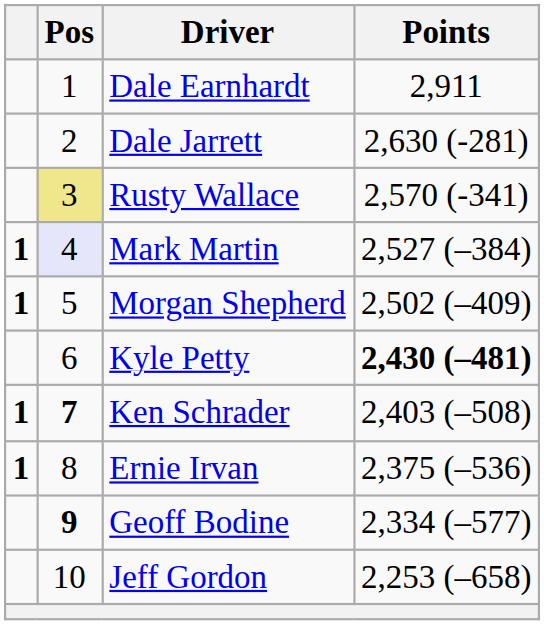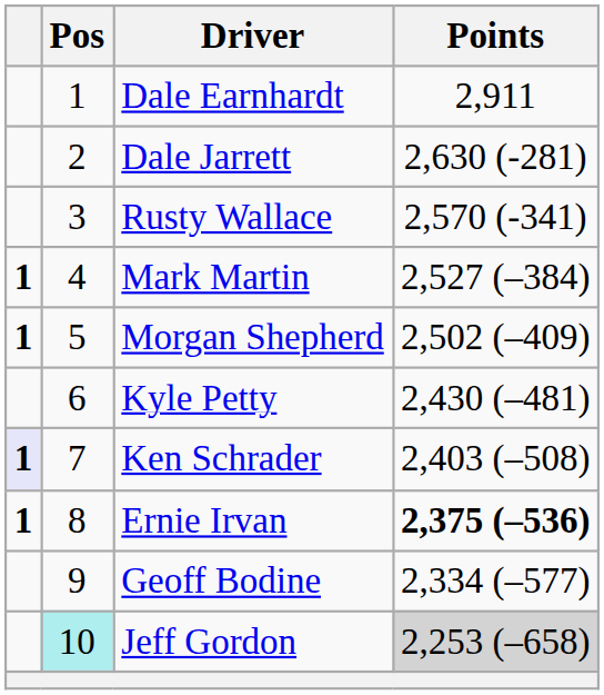 <table class="wikitable" style="font-size: 95%;">
 <tr>
 <th></th>
 <th>Pos</th>
 <th>Driver</th>
 <th>Points</th>
 </tr>
 <tr>
 <td align="left"></td>
 <td style="text-align:center;">1</td>
 <td><a href='#'>Dale Earnhardt</a></td>
 <td style="text-align:center;">2,911</td>
 </tr>
 <tr>
 <td align="left"></td>
 <td style="text-align:center;">2</td>
 <td><a href='#'>Dale Jarrett</a></td>
 <td style="text-align:center;">2,630 (-281)</td>
 </tr>
 <tr>
 <td align="left"></td>
-<td style="background: khaki; text-align:center;">3</td>
+<td style="text-align:center;">3</td>
 <td><a href='#'>Rusty Wallace</a></td>
 <td style="text-align:center;">2,570 (-341)</td>
 </tr>
 <tr>
 <td align="left"> <strong>1</strong></td>
-<td style="background: lavender; text-align:center;">4</td>
+<td style="text-align:center;">4</td>
 <td><a href='#'>Mark Martin</a></td>
 <td style="text-align:center;">2,527 (–384)</td>
 </tr>
 <tr>
 <td align="left"> <strong>1</strong></td>
 <td style="text-align:center;">5</td>
 <td><a href='#'>Morgan Shepherd</a></td>
 <td style="text-align:center;">2,502 (–409)</td>
 </tr>
 <tr>
 <td align="left"></td>
 <td style="text-align:center;">6</td>
 <td><a href='#'>Kyle Petty</a></td>
-<td style="text-align:center;"><strong>2,430 (–481)</strong></td>
+<td style="text-align:center;">2,430 (–481)</td>
 </tr>
 <tr>
-<td align="left"> <strong>1</strong></td>
-<td style="text-align:center;"><strong>7</strong></td>
+<td align="left" style="background: lavender;"> <strong>1</strong></td>
+<td style="text-align:center;">7</td>
 <td><a href='#'>Ken Schrader</a></td>
 <td style="text-align:center;">2,403 (–508)</td>
 </tr>
 <tr>
 <td align="left"> <strong>1</strong></td>
 <td style="text-align:center;">8</td>
 <td><a href='#'>Ernie Irvan</a></td>
-<td style="text-align:center;">2,375 (–536)</td>
+<td style="text-align:center;"><strong>2,375 (–536)</strong></td>
 </tr>
 <tr>
 <td align="left"></td>
-<td style="text-align:center;"><strong>9</strong></td>
+<td style="text-align:center;">9</td>
 <td><a href='#'>Geoff Bodine</a></td>
 <td style="text-align:center;">2,334 (–577)</td>
 </tr>
 <tr>
 <td align="left"></td>
-<td style="text-align:center;">10</td>
+<td style="background: paleturquoise; text-align:center;">10</td>
 <td><a href='#'>Jeff Gordon</a></td>
-<td style="text-align:center;">2,253 (–658)</td>
+<td style="background: lightgrey; text-align:center;">2,253 (–658)</td>
 </tr>
 <tr class="sortbottom">
 <th colspan="9"></th>
 </tr>
 </table>
